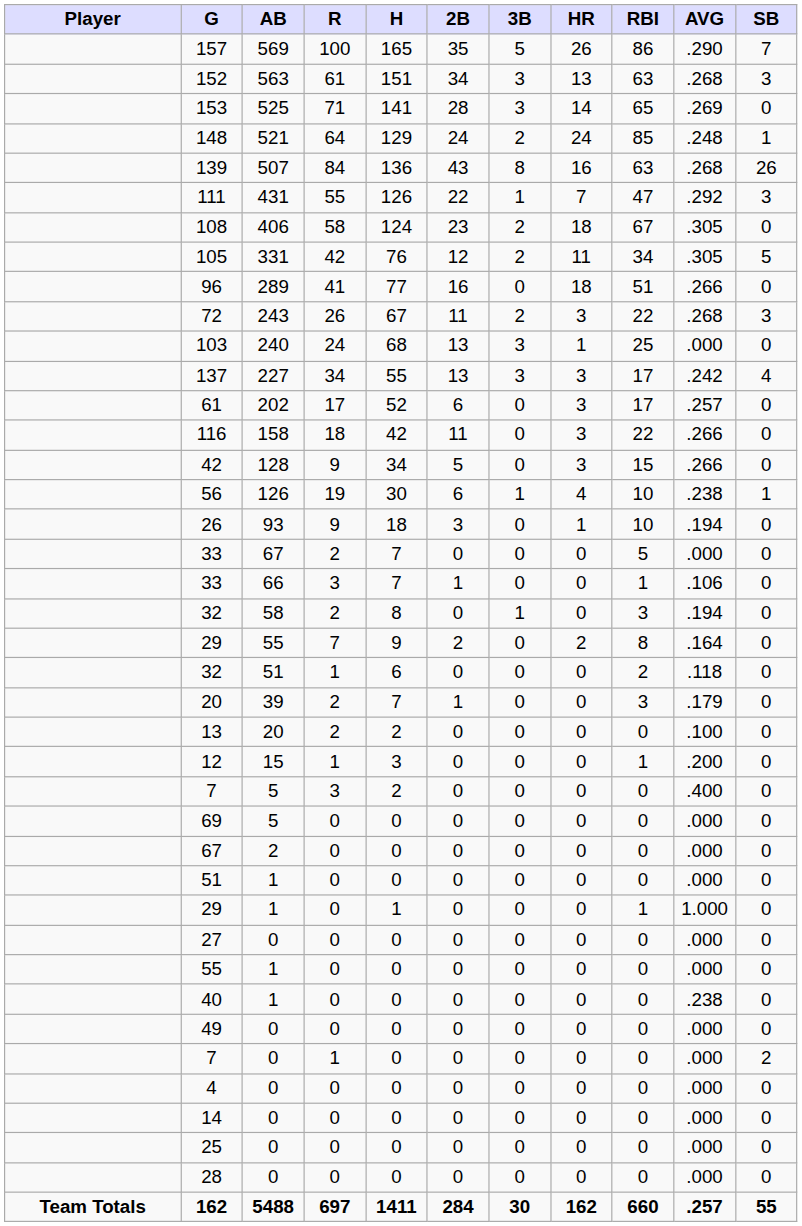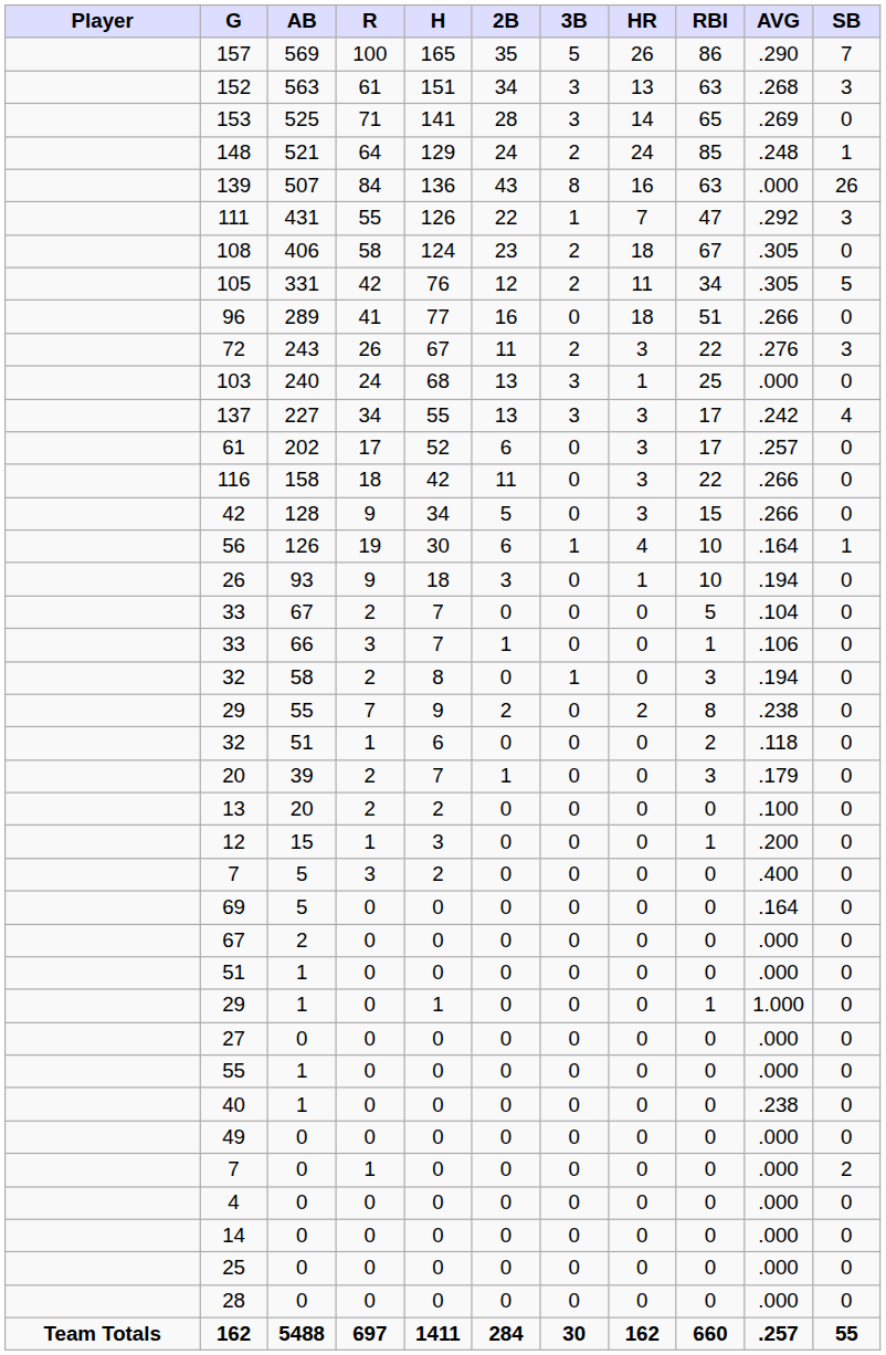 <table class="wikitable sortable" style="text-align:center; border:1px; cellpadding:2; cellspacing:0;">
 <tr>
 <th style="background:#ddf; width:20%;">Player</th>
 <th style="background:#ddf; width:7%;">G</th>
 <th style="background:#ddf; width:7%;">AB</th>
 <th style="background:#ddf; width:7%;">R</th>
 <th style="background:#ddf; width:7%;">H</th>
 <th style="background:#ddf; width:7%;">2B</th>
 <th style="background:#ddf; width:7%;">3B</th>
 <th style="background:#ddf; width:7%;">HR</th>
 <th style="background:#ddf; width:7%;">RBI</th>
 <th style="background:#ddf; width:7%;">AVG</th>
 <th style="background:#ddf; width:7%;">SB</th>
 </tr>
 <tr>
 <td></td>
 <td>157</td>
 <td>569</td>
 <td>100</td>
 <td>165</td>
 <td>35</td>
 <td>5</td>
 <td>26</td>
 <td>86</td>
 <td>.290</td>
 <td>7</td>
 </tr>
 <tr>
 <td></td>
 <td>152</td>
 <td>563</td>
 <td>61</td>
 <td>151</td>
 <td>34</td>
 <td>3</td>
 <td>13</td>
 <td>63</td>
 <td>.268</td>
 <td>3</td>
 </tr>
 <tr>
 <td></td>
 <td>153</td>
 <td>525</td>
 <td>71</td>
 <td>141</td>
 <td>28</td>
 <td>3</td>
 <td>14</td>
 <td>65</td>
 <td>.269</td>
 <td>0</td>
 </tr>
 <tr>
 <td></td>
 <td>148</td>
 <td>521</td>
 <td>64</td>
 <td>129</td>
 <td>24</td>
 <td>2</td>
 <td>24</td>
 <td>85</td>
 <td>.248</td>
 <td>1</td>
 </tr>
 <tr>
 <td></td>
 <td>139</td>
 <td>507</td>
 <td>84</td>
 <td>136</td>
 <td>43</td>
 <td>8</td>
 <td>16</td>
 <td>63</td>
-<td>.268</td>
+<td>.000</td>
 <td>26</td>
 </tr>
 <tr>
 <td></td>
 <td>111</td>
 <td>431</td>
 <td>55</td>
 <td>126</td>
 <td>22</td>
 <td>1</td>
 <td>7</td>
 <td>47</td>
 <td>.292</td>
 <td>3</td>
 </tr>
 <tr>
 <td></td>
 <td>108</td>
 <td>406</td>
 <td>58</td>
 <td>124</td>
 <td>23</td>
 <td>2</td>
 <td>18</td>
 <td>67</td>
 <td>.305</td>
 <td>0</td>
 </tr>
 <tr>
 <td></td>
 <td>105</td>
 <td>331</td>
 <td>42</td>
 <td>76</td>
 <td>12</td>
 <td>2</td>
 <td>11</td>
 <td>34</td>
 <td>.305</td>
 <td>5</td>
 </tr>
 <tr>
 <td></td>
 <td>96</td>
 <td>289</td>
 <td>41</td>
 <td>77</td>
 <td>16</td>
 <td>0</td>
 <td>18</td>
 <td>51</td>
 <td>.266</td>
 <td>0</td>
 </tr>
 <tr>
 <td></td>
 <td>72</td>
 <td>243</td>
 <td>26</td>
 <td>67</td>
 <td>11</td>
 <td>2</td>
 <td>3</td>
 <td>22</td>
-<td>.268</td>
+<td>.276</td>
 <td>3</td>
 </tr>
 <tr>
 <td></td>
 <td>103</td>
 <td>240</td>
 <td>24</td>
 <td>68</td>
 <td>13</td>
 <td>3</td>
 <td>1</td>
 <td>25</td>
 <td>.000</td>
 <td>0</td>
 </tr>
 <tr>
 <td></td>
 <td>137</td>
 <td>227</td>
 <td>34</td>
 <td>55</td>
 <td>13</td>
 <td>3</td>
 <td>3</td>
 <td>17</td>
 <td>.242</td>
 <td>4</td>
 </tr>
 <tr>
 <td></td>
 <td>61</td>
 <td>202</td>
 <td>17</td>
 <td>52</td>
 <td>6</td>
 <td>0</td>
 <td>3</td>
 <td>17</td>
 <td>.257</td>
 <td>0</td>
 </tr>
 <tr>
 <td></td>
 <td>116</td>
 <td>158</td>
 <td>18</td>
 <td>42</td>
 <td>11</td>
 <td>0</td>
 <td>3</td>
 <td>22</td>
 <td>.266</td>
 <td>0</td>
 </tr>
 <tr>
 <td></td>
 <td>42</td>
 <td>128</td>
 <td>9</td>
 <td>34</td>
 <td>5</td>
 <td>0</td>
 <td>3</td>
 <td>15</td>
 <td>.266</td>
 <td>0</td>
 </tr>
 <tr>
 <td></td>
 <td>56</td>
 <td>126</td>
 <td>19</td>
 <td>30</td>
 <td>6</td>
 <td>1</td>
 <td>4</td>
 <td>10</td>
-<td>.238</td>
+<td>.164</td>
 <td>1</td>
 </tr>
 <tr>
 <td></td>
 <td>26</td>
 <td>93</td>
 <td>9</td>
 <td>18</td>
 <td>3</td>
 <td>0</td>
 <td>1</td>
 <td>10</td>
 <td>.194</td>
 <td>0</td>
 </tr>
 <tr>
 <td></td>
 <td>33</td>
 <td>67</td>
 <td>2</td>
 <td>7</td>
 <td>0</td>
 <td>0</td>
 <td>0</td>
 <td>5</td>
-<td>.000</td>
+<td>.104</td>
 <td>0</td>
 </tr>
 <tr>
 <td></td>
 <td>33</td>
 <td>66</td>
 <td>3</td>
 <td>7</td>
 <td>1</td>
 <td>0</td>
 <td>0</td>
 <td>1</td>
 <td>.106</td>
 <td>0</td>
 </tr>
 <tr>
 <td></td>
 <td>32</td>
 <td>58</td>
 <td>2</td>
 <td>8</td>
 <td>0</td>
 <td>1</td>
 <td>0</td>
 <td>3</td>
 <td>.194</td>
 <td>0</td>
 </tr>
 <tr>
 <td></td>
 <td>29</td>
 <td>55</td>
 <td>7</td>
 <td>9</td>
 <td>2</td>
 <td>0</td>
 <td>2</td>
 <td>8</td>
-<td>.164</td>
+<td>.238</td>
 <td>0</td>
 </tr>
 <tr>
 <td></td>
 <td>32</td>
 <td>51</td>
 <td>1</td>
 <td>6</td>
 <td>0</td>
 <td>0</td>
 <td>0</td>
 <td>2</td>
 <td>.118</td>
 <td>0</td>
 </tr>
 <tr>
 <td></td>
 <td>20</td>
 <td>39</td>
 <td>2</td>
 <td>7</td>
 <td>1</td>
 <td>0</td>
 <td>0</td>
 <td>3</td>
 <td>.179</td>
 <td>0</td>
 </tr>
 <tr>
 <td></td>
 <td>13</td>
 <td>20</td>
 <td>2</td>
 <td>2</td>
 <td>0</td>
 <td>0</td>
 <td>0</td>
 <td>0</td>
 <td>.100</td>
 <td>0</td>
 </tr>
 <tr>
 <td></td>
 <td>12</td>
 <td>15</td>
 <td>1</td>
 <td>3</td>
 <td>0</td>
 <td>0</td>
 <td>0</td>
 <td>1</td>
 <td>.200</td>
 <td>0</td>
 </tr>
 <tr>
 <td></td>
 <td>7</td>
 <td>5</td>
 <td>3</td>
 <td>2</td>
 <td>0</td>
 <td>0</td>
 <td>0</td>
 <td>0</td>
 <td>.400</td>
 <td>0</td>
 </tr>
 <tr>
 <td></td>
 <td>69</td>
 <td>5</td>
 <td>0</td>
 <td>0</td>
 <td>0</td>
 <td>0</td>
 <td>0</td>
 <td>0</td>
-<td>.000</td>
+<td>.164</td>
 <td>0</td>
 </tr>
 <tr>
 <td></td>
 <td>67</td>
 <td>2</td>
 <td>0</td>
 <td>0</td>
 <td>0</td>
 <td>0</td>
 <td>0</td>
 <td>0</td>
 <td>.000</td>
 <td>0</td>
 </tr>
 <tr>
 <td></td>
 <td>51</td>
 <td>1</td>
 <td>0</td>
 <td>0</td>
 <td>0</td>
 <td>0</td>
 <td>0</td>
 <td>0</td>
 <td>.000</td>
 <td>0</td>
 </tr>
 <tr>
 <td></td>
 <td>29</td>
 <td>1</td>
 <td>0</td>
 <td>1</td>
 <td>0</td>
 <td>0</td>
 <td>0</td>
 <td>1</td>
 <td>1.000</td>
 <td>0</td>
 </tr>
 <tr>
 <td></td>
 <td>27</td>
 <td>0</td>
 <td>0</td>
 <td>0</td>
 <td>0</td>
 <td>0</td>
 <td>0</td>
 <td>0</td>
 <td>.000</td>
 <td>0</td>
 </tr>
 <tr>
 <td></td>
 <td>55</td>
 <td>1</td>
 <td>0</td>
 <td>0</td>
 <td>0</td>
 <td>0</td>
 <td>0</td>
 <td>0</td>
 <td>.000</td>
 <td>0</td>
 </tr>
 <tr>
 <td></td>
 <td>40</td>
 <td>1</td>
 <td>0</td>
 <td>0</td>
 <td>0</td>
 <td>0</td>
 <td>0</td>
 <td>0</td>
 <td>.238</td>
 <td>0</td>
 </tr>
 <tr>
 <td></td>
 <td>49</td>
 <td>0</td>
 <td>0</td>
 <td>0</td>
 <td>0</td>
 <td>0</td>
 <td>0</td>
 <td>0</td>
 <td>.000</td>
 <td>0</td>
 </tr>
 <tr>
 <td></td>
 <td>7</td>
 <td>0</td>
 <td>1</td>
 <td>0</td>
 <td>0</td>
 <td>0</td>
 <td>0</td>
 <td>0</td>
 <td>.000</td>
 <td>2</td>
 </tr>
 <tr>
 <td></td>
 <td>4</td>
 <td>0</td>
 <td>0</td>
 <td>0</td>
 <td>0</td>
 <td>0</td>
 <td>0</td>
 <td>0</td>
 <td>.000</td>
 <td>0</td>
 </tr>
 <tr>
 <td></td>
 <td>14</td>
 <td>0</td>
 <td>0</td>
 <td>0</td>
 <td>0</td>
 <td>0</td>
 <td>0</td>
 <td>0</td>
 <td>.000</td>
 <td>0</td>
 </tr>
 <tr>
 <td></td>
 <td>25</td>
 <td>0</td>
 <td>0</td>
 <td>0</td>
 <td>0</td>
 <td>0</td>
 <td>0</td>
 <td>0</td>
 <td>.000</td>
 <td>0</td>
 </tr>
 <tr>
 <td></td>
 <td>28</td>
 <td>0</td>
 <td>0</td>
 <td>0</td>
 <td>0</td>
 <td>0</td>
 <td>0</td>
 <td>0</td>
 <td>.000</td>
 <td>0</td>
 </tr>
 <tr>
 <td><strong>Team Totals</strong></td>
 <td><strong>162</strong></td>
 <td><strong>5488</strong></td>
 <td><strong>697</strong></td>
 <td><strong>1411</strong></td>
 <td><strong>284</strong></td>
 <td><strong>30</strong></td>
 <td><strong>162</strong></td>
 <td><strong>660</strong></td>
 <td><strong>.257</strong></td>
 <td><strong>55</strong></td>
 </tr>
 </table>
